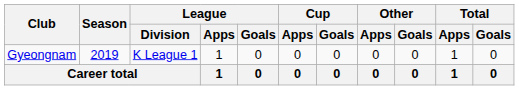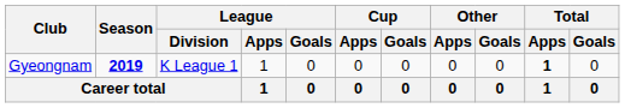 <table class="wikitable" style="text-align: center">
 <tr>
 <th rowspan="2">Club</th>
 <th rowspan="2">Season</th>
 <th colspan="3">League</th>
 <th colspan="2">Cup</th>
 <th colspan="2">Other</th>
 <th colspan="2">Total</th>
 </tr>
 <tr>
 <th>Division</th>
 <th>Apps</th>
 <th>Goals</th>
 <th>Apps</th>
 <th>Goals</th>
 <th>Apps</th>
 <th>Goals</th>
 <th>Apps</th>
 <th>Goals</th>
 </tr>
 <tr>
 <td><a href='#'>Gyeongnam</a></td>
-<td><a href='#'>2019</a></td>
+<td><strong><a href='#'>2019</a></strong></td>
 <td><a href='#'>K League 1</a></td>
 <td>1</td>
 <td>0</td>
 <td>0</td>
 <td>0</td>
 <td>0</td>
 <td>0</td>
-<td>1</td>
+<td><strong>1</strong></td>
 <td>0</td>
 </tr>
 <tr>
 <th colspan=3>Career total</th>
 <th>1</th>
 <th>0</th>
 <th>0</th>
 <th>0</th>
 <th>0</th>
 <th>0</th>
 <th>1</th>
 <th>0</th>
 </tr>
 </table>
